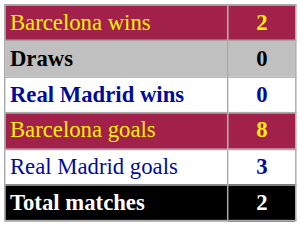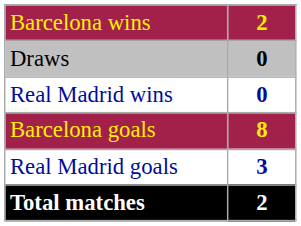 <table class="wikitable">
 <tr style="color:#fff000;">
 <td style="background:#A2214B">Barcelona wins</td>
 <td style="color:#fff000; background:#A2214B; text-align: center;"><strong>2</strong></td>
 </tr>
 <tr style="color:#000; background:silver;">
-<td><strong>Draws</strong></td>
+<td>Draws</td>
 <td style="color:#000; background:silver; text-align:center;"><strong>0</strong></td>
 </tr>
 <tr style="color:#000c99; background:#fff;">
-<td style="width:150px;"><strong>Real Madrid wins</strong></td>
+<td style="width:150px;">Real Madrid wins</td>
 <td style="color:#000c99; background:#fff; text-align:center; width:40px;"><strong>0</strong></td>
 </tr>
 <tr style="color:#fff000;">
 <td style="background:#A2214B">Barcelona goals</td>
 <td style="color:#fff000; background:#A2214B; text-align: center;"><strong>8</strong></td>
 </tr>
 <tr style="color:#000c99; background:#fff;">
 <td style="width:150px;">Real Madrid goals</td>
 <td style="color:#000c99; background:#fff; text-align:center;"><strong>3</strong></td>
 </tr>
 <tr style="color:#fff; background:#000;">
 <td><strong>Total matches</strong></td>
 <td style="color:#fff; background:#000; text-align:center;"><strong>2</strong></td>
 </tr>
 </table>
